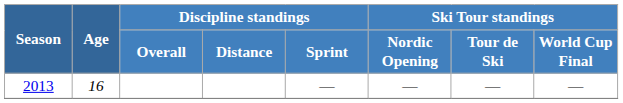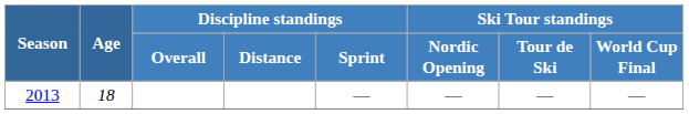 <table class="wikitable" style="font-size:95%; text-align:center; border:grey solid 1px; border-collapse:collapse; background:#ffffff;">
 <tr>
 <th style="background-color:#369; color:white; width:60px;" rowspan="2"> Season </th>
 <th style="background-color:#369; color:white; width:40px;" rowspan="2"> Age </th>
 <th style="background-color:#4180be; color:white;" colspan="3">Discipline standings</th>
 <th style="background-color:#4180be; color:white;" colspan="3">Ski Tour standings</th>
 </tr>
 <tr>
 <th style="background-color:#4180be; color:white; width:75px;">Overall</th>
 <th style="background-color:#4180be; color:white; width:75px;">Distance</th>
 <th style="background-color:#4180be; color:white; width:75px;">Sprint</th>
 <th style="background-color:#4180be; color:white; width:75px;">Nordic<br>Opening</th>
 <th style="background-color:#4180be; color:white; width:75px;">Tour de<br>Ski</th>
 <th style="background-color:#4180be; color:white; width:75px;">World Cup<br>Final</th>
 </tr>
 <tr>
 <td><a href='#'>2013</a></td>
-<td><em>16</em></td>
+<td><em>18</em></td>
 <td></td>
 <td></td>
 <td>—</td>
 <td>—</td>
 <td>—</td>
 <td>—</td>
 </tr>
 <tr>
 </tr>
 </table>
